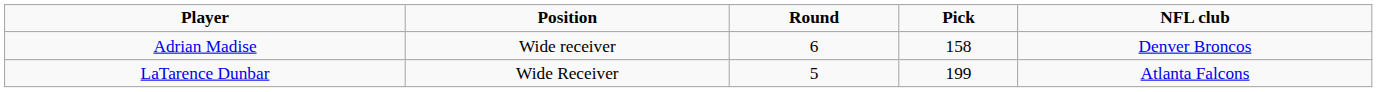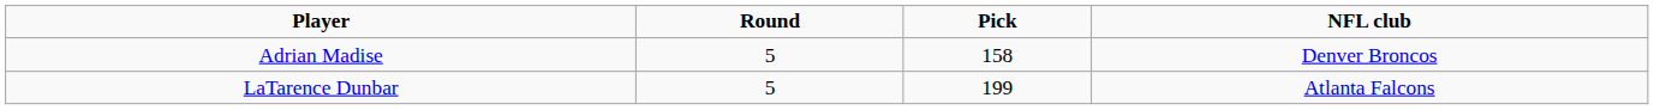 <table class="wikitable" width="80%">
 <tr align="center">
 <td><strong>Player</strong></td>
-<td><strong>Position</strong></td>
 <td><strong>Round</strong></td>
 <td><strong>Pick</strong></td>
 <td><strong>NFL club</strong></td>
 </tr>
 <tr align="center" bgcolor="">
 <td><a href='#'>Adrian Madise</a></td>
-<td>Wide receiver</td>
-<td>6</td>
+<td>5</td>
 <td>158</td>
 <td><a href='#'>Denver Broncos</a></td>
 </tr>
 <tr align="center" bgcolor="">
 <td><a href='#'>LaTarence Dunbar</a></td>
-<td>Wide Receiver</td>
 <td>5</td>
 <td>199</td>
 <td><a href='#'>Atlanta Falcons</a></td>
 </tr>
 </table>
